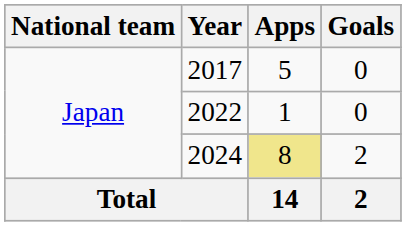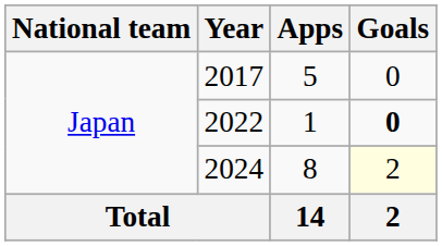 <table class="wikitable" style="text-align:center">
 <tr>
 <th>National team</th>
 <th>Year</th>
 <th>Apps</th>
 <th>Goals</th>
 </tr>
 <tr>
 <td rowspan="3"><a href='#'>Japan</a></td>
 <td>2017</td>
 <td>5</td>
 <td>0</td>
 </tr>
 <tr>
 <td>2022</td>
 <td>1</td>
-<td>0</td>
+<td><strong>0</strong></td>
 </tr>
 <tr>
 <td>2024</td>
-<td style="background: khaki;">8</td>
-<td>2</td>
+<td>8</td>
+<td style="background: lightyellow;">2</td>
 </tr>
 <tr>
 <th colspan="2">Total</th>
 <th>14</th>
 <th>2</th>
 </tr>
 </table>
